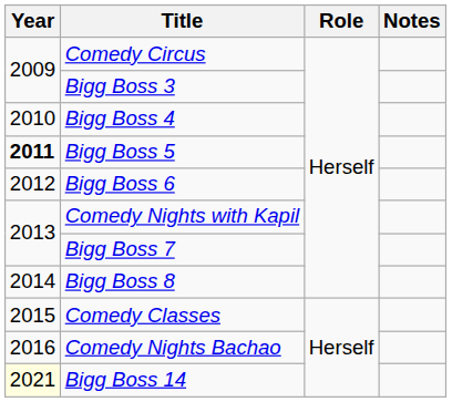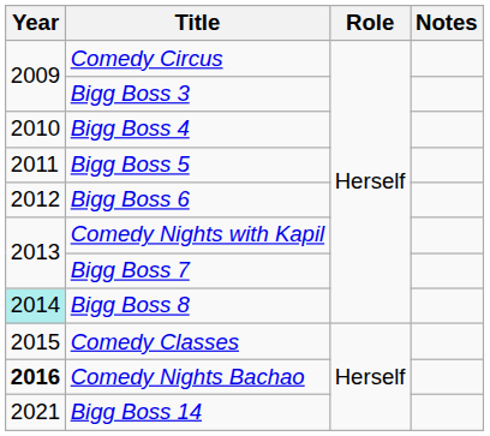 <table class="wikitable">
 <tr>
 <th>Year</th>
 <th>Title</th>
 <th>Role</th>
 <th>Notes</th>
 </tr>
 <tr>
 <td rowspan="2">2009</td>
 <td><em><a href='#'>Comedy Circus</a></em></td>
 <td rowspan="8">Herself</td>
 <td></td>
 </tr>
 <tr>
 <td><em><a href='#'>Bigg Boss 3</a></em></td>
 <td></td>
 </tr>
 <tr>
 <td>2010</td>
 <td><em><a href='#'>Bigg Boss 4</a></em></td>
 <td></td>
 </tr>
 <tr>
-<td><strong>2011</strong></td>
+<td>2011</td>
 <td><em><a href='#'>Bigg Boss 5</a></em></td>
 <td></td>
 </tr>
 <tr>
 <td>2012</td>
 <td><em><a href='#'>Bigg Boss 6</a></em></td>
 <td></td>
 </tr>
 <tr>
 <td rowspan="2">2013</td>
 <td><em><a href='#'>Comedy Nights with Kapil</a></em></td>
 <td></td>
 </tr>
 <tr>
 <td><em><a href='#'>Bigg Boss 7</a></em></td>
 <td></td>
 </tr>
 <tr>
-<td>2014</td>
+<td style="background: paleturquoise;">2014</td>
 <td><em><a href='#'>Bigg Boss 8</a></em></td>
 <td></td>
 </tr>
 <tr>
 <td>2015</td>
 <td><em><a href='#'>Comedy Classes</a></em></td>
 <td rowspan="3">Herself</td>
 <td></td>
 </tr>
 <tr>
-<td>2016</td>
+<td><strong>2016</strong></td>
 <td><em><a href='#'>Comedy Nights Bachao</a></em></td>
 <td></td>
 </tr>
 <tr>
-<td style="background: lightyellow;">2021</td>
+<td>2021</td>
 <td><em><a href='#'>Bigg Boss 14</a></em></td>
 <td></td>
 </tr>
 </table>
